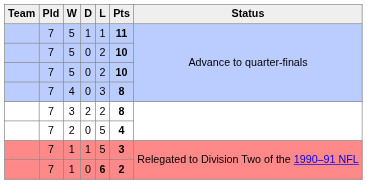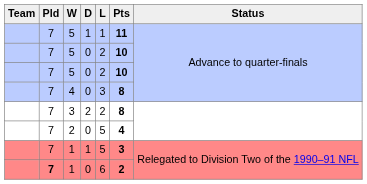 <table style=border-collapse:collapse border=1 cellspacing=0 cellpadding=5>
 <tr align=center bgcolor=#efefef>
 <th>Team</th>
 <th>Pld</th>
 <th>W</th>
 <th>D</th>
 <th>L</th>
 <th>Pts</th>
 <th>Status</th>
 </tr>
 <tr align=center style="background:#bbccff;">
 <td style="text-align:left;"> </td>
 <td>7</td>
 <td>5</td>
 <td>1</td>
 <td>1</td>
 <td><strong>11</strong></td>
 <td rowspan=4>Advance to quarter-finals</td>
 </tr>
 <tr align=center style="background:#bbccff;">
 <td style="text-align:left;"> </td>
 <td>7</td>
 <td>5</td>
 <td>0</td>
 <td>2</td>
 <td><strong>10</strong></td>
 </tr>
 <tr align=center style="background:#bbccff;">
 <td style="text-align:left;"> </td>
 <td>7</td>
 <td>5</td>
 <td>0</td>
 <td>2</td>
 <td><strong>10</strong></td>
 </tr>
 <tr align=center style="background:#bbccff;">
 <td style="text-align:left;"> </td>
 <td>7</td>
 <td>4</td>
 <td>0</td>
 <td>3</td>
 <td><strong>8</strong></td>
 </tr>
 <tr align=center style="background:#FFFFFF;">
 <td style="text-align:left;"> </td>
 <td>7</td>
 <td>3</td>
 <td>2</td>
 <td>2</td>
 <td><strong>8</strong></td>
 <td rowspan=2></td>
 </tr>
 <tr align=center style="background:#FFFFFF;">
 <td style="text-align:left;"> </td>
 <td>7</td>
 <td>2</td>
 <td>0</td>
 <td>5</td>
 <td><strong>4</strong></td>
 </tr>
 <tr align=center style="background:#FF8888;">
 <td style="text-align:left;"> </td>
 <td>7</td>
 <td>1</td>
 <td>1</td>
 <td>5</td>
 <td><strong>3</strong></td>
 <td rowspan=2>Relegated to Division Two of the <a href='#'>1990–91 NFL</a></td>
 </tr>
 <tr align=center style="background:#FF8888;">
 <td style="text-align:left;"> </td>
-<td>7</td>
+<td><strong>7</strong></td>
 <td>1</td>
 <td>0</td>
-<td><strong>6</strong></td>
+<td>6</td>
 <td><strong>2</strong></td>
 </tr>
 </table>
